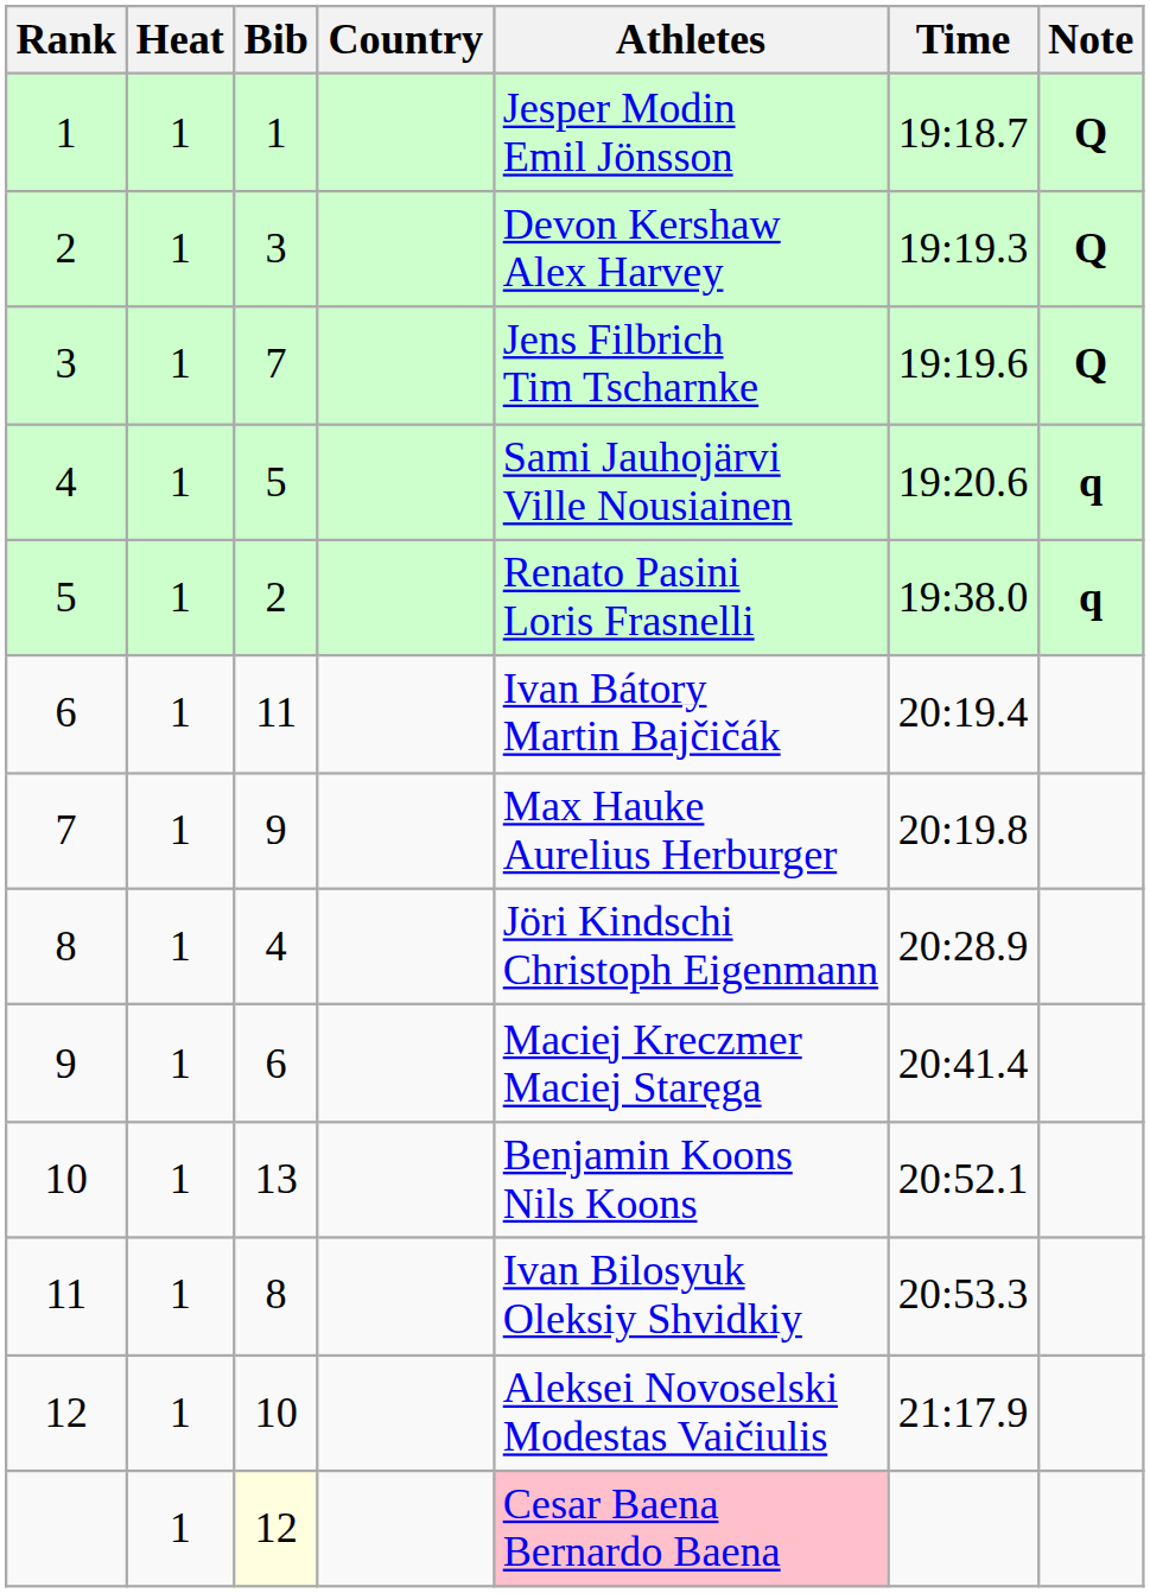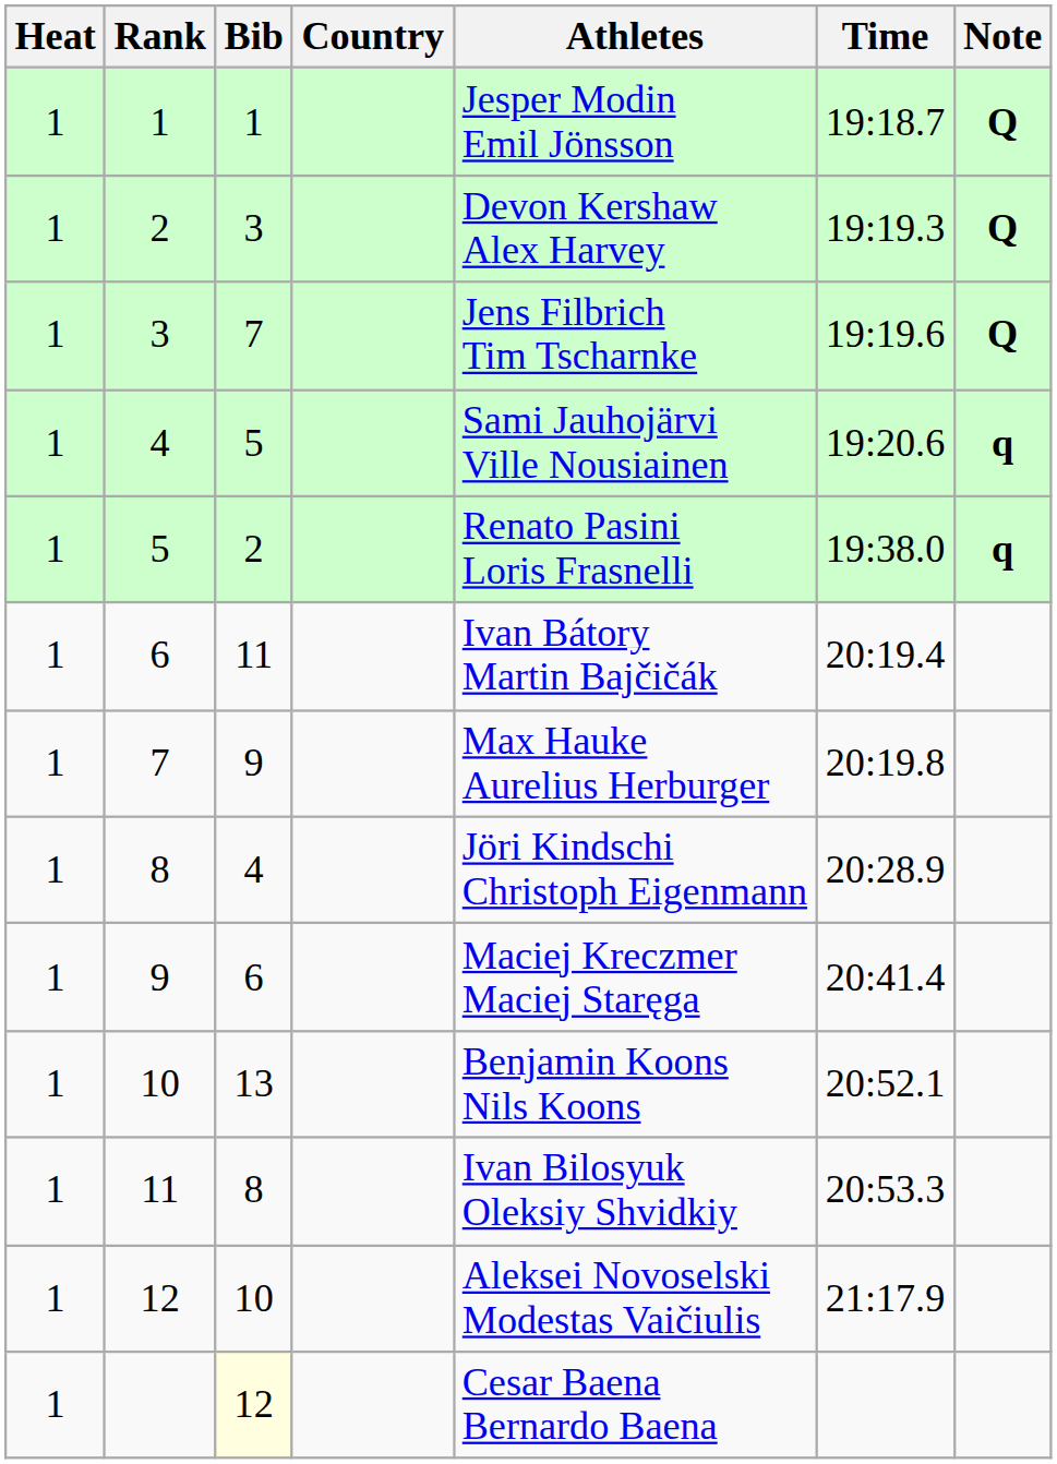 <table class="wikitable sortable" style="text-align:center">
 <tr>
+<th>Heat</th>
 <th>Rank</th>
-<th>Heat</th>
 <th>Bib</th>
 <th>Country</th>
 <th>Athletes</th>
 <th>Time</th>
 <th>Note</th>
 </tr>
 <tr bgcolor=ccffcc>
 <td>1</td>
 <td>1</td>
 <td>1</td>
 <td align=left></td>
 <td align=left><a href='#'>Jesper Modin</a><br><a href='#'>Emil Jönsson</a></td>
 <td>19:18.7</td>
 <td><strong>Q</strong></td>
 </tr>
 <tr bgcolor=ccffcc>
+<td>1</td>
 <td>2</td>
-<td>1</td>
 <td>3</td>
 <td align=left></td>
 <td align=left><a href='#'>Devon Kershaw</a><br><a href='#'>Alex Harvey</a></td>
 <td>19:19.3</td>
 <td><strong>Q</strong></td>
 </tr>
 <tr bgcolor=ccffcc>
+<td>1</td>
 <td>3</td>
-<td>1</td>
 <td>7</td>
 <td align=left></td>
 <td align=left><a href='#'>Jens Filbrich</a><br><a href='#'>Tim Tscharnke</a></td>
 <td>19:19.6</td>
 <td><strong>Q</strong></td>
 </tr>
 <tr bgcolor=ccffcc>
+<td>1</td>
 <td>4</td>
-<td>1</td>
 <td>5</td>
 <td align=left></td>
 <td align=left><a href='#'>Sami Jauhojärvi</a><br><a href='#'>Ville Nousiainen</a></td>
 <td>19:20.6</td>
 <td><strong>q</strong></td>
 </tr>
 <tr bgcolor=ccffcc>
+<td>1</td>
 <td>5</td>
-<td>1</td>
 <td>2</td>
 <td align=left></td>
 <td align=left><a href='#'>Renato Pasini</a><br><a href='#'>Loris Frasnelli</a></td>
 <td>19:38.0</td>
 <td><strong>q</strong></td>
 </tr>
 <tr>
+<td>1</td>
 <td>6</td>
-<td>1</td>
 <td>11</td>
 <td align=left></td>
 <td align=left><a href='#'>Ivan Bátory</a><br><a href='#'>Martin Bajčičák</a></td>
 <td>20:19.4</td>
 <td></td>
 </tr>
 <tr>
+<td>1</td>
 <td>7</td>
-<td>1</td>
 <td>9</td>
 <td align=left></td>
 <td align=left><a href='#'>Max Hauke</a><br><a href='#'>Aurelius Herburger</a></td>
 <td>20:19.8</td>
 <td></td>
 </tr>
 <tr>
+<td>1</td>
 <td>8</td>
-<td>1</td>
 <td>4</td>
 <td align=left></td>
 <td align=left><a href='#'>Jöri Kindschi</a><br><a href='#'>Christoph Eigenmann</a></td>
 <td>20:28.9</td>
 <td></td>
 </tr>
 <tr>
+<td>1</td>
 <td>9</td>
-<td>1</td>
 <td>6</td>
 <td align=left></td>
 <td align=left><a href='#'>Maciej Kreczmer</a><br><a href='#'>Maciej Staręga</a></td>
 <td>20:41.4</td>
 <td></td>
 </tr>
 <tr>
+<td>1</td>
 <td>10</td>
-<td>1</td>
 <td>13</td>
 <td align=left></td>
 <td align=left><a href='#'>Benjamin Koons</a><br><a href='#'>Nils Koons</a></td>
 <td>20:52.1</td>
 <td></td>
 </tr>
 <tr>
+<td>1</td>
 <td>11</td>
-<td>1</td>
 <td>8</td>
 <td align=left></td>
 <td align=left><a href='#'>Ivan Bilosyuk</a><br><a href='#'>Oleksiy Shvidkiy</a></td>
 <td>20:53.3</td>
 <td></td>
 </tr>
 <tr>
+<td>1</td>
 <td>12</td>
-<td>1</td>
 <td>10</td>
 <td align=left></td>
 <td align=left><a href='#'>Aleksei Novoselski</a><br><a href='#'>Modestas Vaičiulis</a></td>
 <td>21:17.9</td>
 <td></td>
 </tr>
 <tr>
+<td>1</td>
 <td></td>
-<td>1</td>
 <td style="background: lightyellow;">12</td>
 <td align=left></td>
-<td align=left style="background: pink;"><a href='#'>Cesar Baena</a><br><a href='#'>Bernardo Baena</a></td>
+<td align=left><a href='#'>Cesar Baena</a><br><a href='#'>Bernardo Baena</a></td>
 <td></td>
 <td></td>
 </tr>
 </table>
